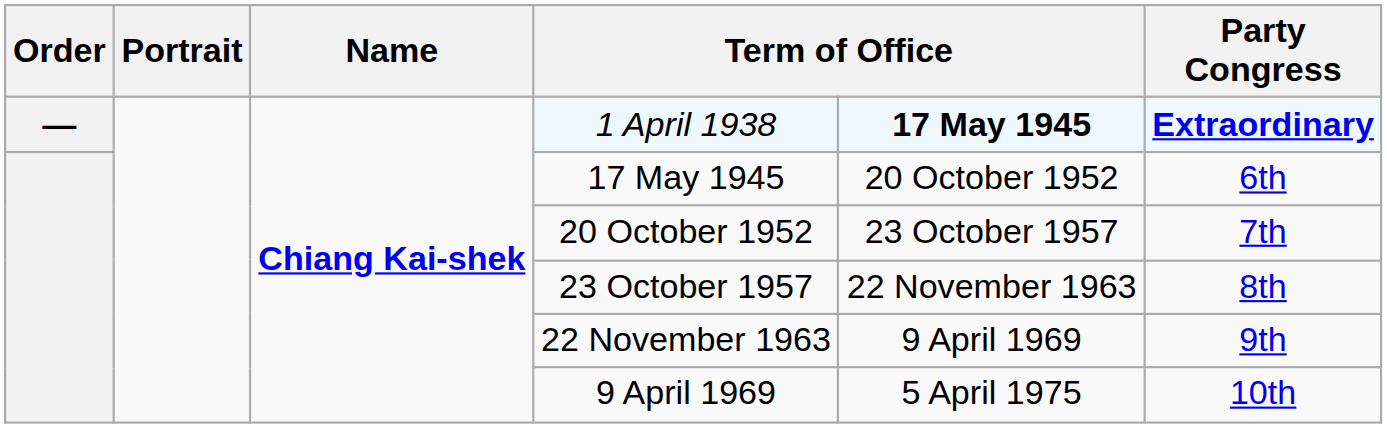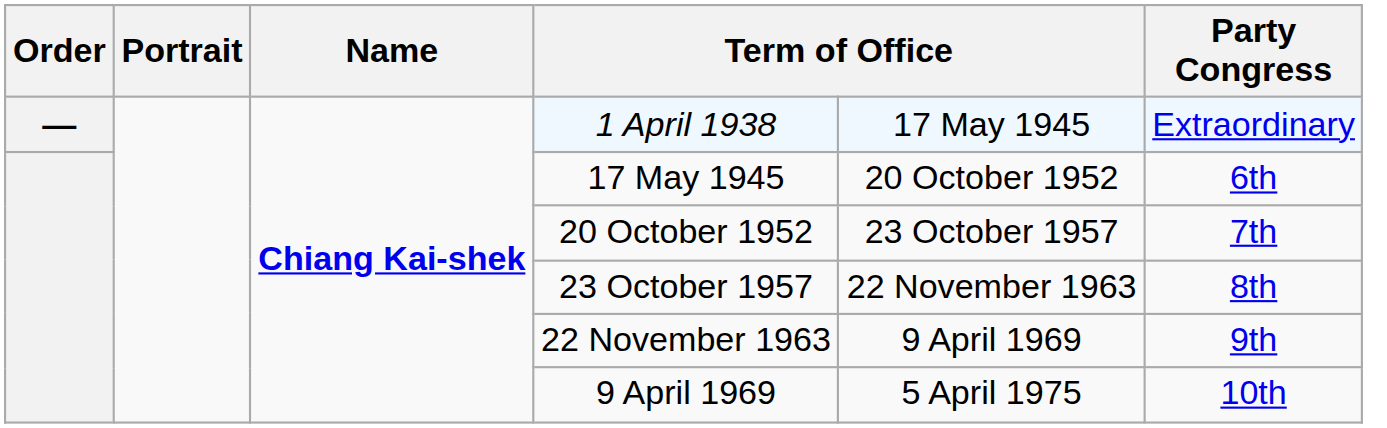 <table class="wikitable" style="text-align:center;">
 <tr>
 <th>Order</th>
 <th>Portrait</th>
 <th>Name</th>
 <th colspan="2">Term of Office</th>
 <th>Party<br>Congress</th>
 </tr>
 <tr>
 <th>—</th>
 <td rowspan="6"></td>
 <td rowspan="6"><strong><a href='#'>Chiang Kai-shek</a></strong></td>
 <td style="background:#f0f8ff"><em>1 April 1938</em></td>
-<td style="background:#f0f8ff"><strong>17 May 1945</strong></td>
-<td style="background:#f0f8ff"><strong><a href='#'>Extraordinary</a></strong></td>
+<td style="background:#f0f8ff">17 May 1945</td>
+<td style="background:#f0f8ff"><a href='#'>Extraordinary</a></td>
 </tr>
 <tr>
 <th rowspan="5"></th>
 <td>17 May 1945</td>
 <td>20 October 1952</td>
 <td><a href='#'>6th</a></td>
 </tr>
 <tr>
 <td>20 October 1952</td>
 <td>23 October 1957</td>
 <td><a href='#'>7th</a></td>
 </tr>
 <tr>
 <td>23 October 1957</td>
 <td>22 November 1963</td>
 <td><a href='#'>8th</a></td>
 </tr>
 <tr>
 <td>22 November 1963</td>
 <td>9 April 1969</td>
 <td><a href='#'>9th</a></td>
 </tr>
 <tr>
 <td>9 April 1969</td>
 <td>5 April 1975<br></td>
 <td><a href='#'>10th</a></td>
 </tr>
 </table>
